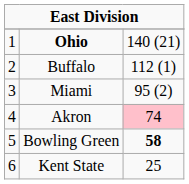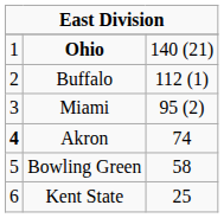 <table class="wikitable">
 <tr align="center">
 <td align="center" Colspan="3"><strong>East Division</strong></td>
 </tr>
 <tr align="center">
 </tr>
 <tr align="center">
 <td>1</td>
 <td><strong>Ohio</strong></td>
 <td>140 (21)</td>
 </tr>
 <tr align="center">
 <td>2</td>
 <td>Buffalo</td>
 <td>112 (1)</td>
 </tr>
 <tr align="center">
 <td>3</td>
 <td>Miami</td>
 <td>95 (2)</td>
 </tr>
 <tr align="center">
-<td>4</td>
+<td><strong>4</strong></td>
 <td>Akron</td>
-<td style="background: pink;">74</td>
+<td>74</td>
 </tr>
 <tr align="center">
 <td>5</td>
 <td>Bowling Green</td>
-<td><strong>58</strong></td>
+<td>58</td>
 </tr>
 <tr align="center">
 <td>6</td>
 <td>Kent State</td>
 <td>25</td>
 </tr>
 </table>
